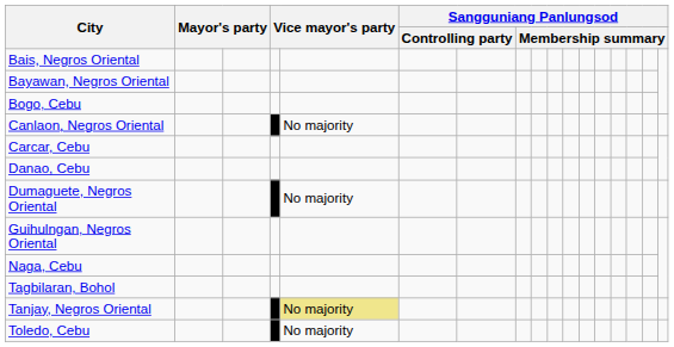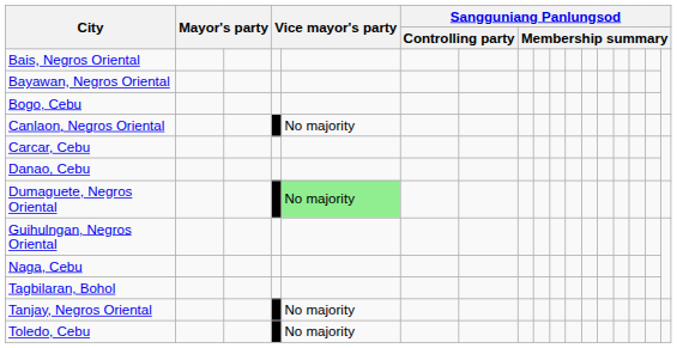 <table class="wikitable" style="font-size:95%;">
 <tr>
 <th width="180px" rowspan="2">City</th>
 <th colspan="2" rowspan="2">Mayor's party</th>
 <th colspan="2" rowspan="2">Vice mayor's party</th>
 <th colspan="14"><a href='#'>Sangguniang Panlungsod</a></th>
 </tr>
 <tr>
 <th colspan="2">Controlling party</th>
 <th colspan="12">Membership summary</th>
 </tr>
 <tr>
 <td><a href='#'>Bais, Negros Oriental</a></td>
 <td></td>
 <td></td>
 <td></td>
 <td> </td>
 <td> </td>
 <td> </td>
 <td> </td>
 <td> </td>
 <td> </td>
 <td> </td>
 <td> </td>
 <td> </td>
 <td> </td>
 <td> </td>
 <td> </td>
 </tr>
 <tr>
 <td><a href='#'>Bayawan, Negros Oriental</a></td>
 <td></td>
 <td></td>
 <td></td>
 <td style="color:inherit;background:"></td>
 <td style="color:inherit;background:"></td>
 <td style="color:inherit;background:"></td>
 <td style="color:inherit;background:"></td>
 <td style="color:inherit;background:"></td>
 <td style="color:inherit;background:"></td>
 <td style="color:inherit;background:"></td>
 <td style="color:inherit;background:"></td>
 <td style="color:inherit;background:"></td>
 <td style="color:inherit;background:"></td>
 <td style="color:inherit;background:"></td>
 <td style="color:inherit;background:"></td>
 </tr>
 <tr>
 <td><a href='#'>Bogo, Cebu</a></td>
 <td></td>
 <td></td>
 <td></td>
 <td style="color:inherit;background:"></td>
 <td style="color:inherit;background:"></td>
 <td style="color:inherit;background:"></td>
 <td style="color:inherit;background:"></td>
 <td style="color:inherit;background:"></td>
 <td style="color:inherit;background:"></td>
 <td style="color:inherit;background:"></td>
 <td style="color:inherit;background:"></td>
 <td style="color:inherit;background:"></td>
 <td style="color:inherit;background:"></td>
 <td style="color:inherit;background:"></td>
 <td style="color:inherit;background:"></td>
 </tr>
 <tr>
 <td><a href='#'>Canlaon, Negros Oriental</a></td>
 <td></td>
 <td></td>
 <td bgcolor="black"></td>
 <td>No majority</td>
 <td style="color:inherit;background:"></td>
 <td style="color:inherit;background:"></td>
 <td style="color:inherit;background:"></td>
 <td style="color:inherit;background:"></td>
 <td style="color:inherit;background:"></td>
 <td style="color:inherit;background:"></td>
 <td style="color:inherit;background:"></td>
 <td style="color:inherit;background:"></td>
 <td style="color:inherit;background:"></td>
 <td style="color:inherit;background:"></td>
 <td style="color:inherit;background:"></td>
 <td style="color:inherit;background:"></td>
 </tr>
 <tr>
 <td><a href='#'>Carcar, Cebu</a></td>
 <td></td>
 <td></td>
 <td></td>
 <td style="color:inherit;background:"></td>
 <td style="color:inherit;background:"></td>
 <td style="color:inherit;background:"></td>
 <td style="color:inherit;background:"></td>
 <td style="color:inherit;background:"></td>
 <td style="color:inherit;background:"></td>
 <td style="color:inherit;background:"></td>
 <td style="color:inherit;background:"></td>
 <td style="color:inherit;background:"></td>
 <td style="color:inherit;background:"></td>
 <td style="color:inherit;background:"></td>
 <td style="color:inherit;background:"></td>
 </tr>
 <tr>
 <td><a href='#'>Danao, Cebu</a></td>
 <td></td>
 <td></td>
 <td></td>
 <td style="color:inherit;background:"></td>
 <td style="color:inherit;background:"></td>
 <td style="color:inherit;background:"></td>
 <td style="color:inherit;background:"></td>
 <td style="color:inherit;background:"></td>
 <td style="color:inherit;background:"></td>
 <td style="color:inherit;background:"></td>
 <td style="color:inherit;background:"></td>
 <td style="color:inherit;background:"></td>
 <td style="color:inherit;background:"></td>
 <td style="color:inherit;background:"></td>
 <td style="color:inherit;background:"></td>
 </tr>
 <tr>
 <td><a href='#'>Dumaguete, Negros Oriental</a></td>
 <td></td>
 <td></td>
 <td bgcolor="black"></td>
-<td>No majority</td>
+<td style="background: lightgreen;">No majority</td>
 <td style="color:inherit;background:"></td>
 <td style="color:inherit;background:"></td>
 <td style="color:inherit;background:"></td>
 <td style="color:inherit;background:"></td>
 <td style="color:inherit;background:"></td>
 <td style="color:inherit;background:"></td>
 <td style="color:inherit;background:"></td>
 <td style="color:inherit;background:"></td>
 <td style="color:inherit;background:"></td>
 <td style="color:inherit;background:"></td>
 <td style="color:inherit;background:"></td>
 <td style="color:inherit;background:"></td>
 </tr>
 <tr>
 <td><a href='#'>Guihulngan, Negros Oriental</a></td>
 <td></td>
 <td></td>
 <td></td>
 <td style="color:inherit;background:"></td>
 <td style="color:inherit;background:"></td>
 <td style="color:inherit;background:"></td>
 <td style="color:inherit;background:"></td>
 <td style="color:inherit;background:"></td>
 <td style="color:inherit;background:"></td>
 <td style="color:inherit;background:"></td>
 <td style="color:inherit;background:"></td>
 <td style="color:inherit;background:"></td>
 <td style="color:inherit;background:"></td>
 <td style="color:inherit;background:"></td>
 <td style="color:inherit;background:"></td>
 </tr>
 <tr>
 <td><a href='#'>Naga, Cebu</a></td>
 <td></td>
 <td></td>
 <td></td>
 <td style="color:inherit;background:"></td>
 <td style="color:inherit;background:"></td>
 <td style="color:inherit;background:"></td>
 <td style="color:inherit;background:"></td>
 <td style="color:inherit;background:"></td>
 <td style="color:inherit;background:"></td>
 <td style="color:inherit;background:"></td>
 <td style="color:inherit;background:"></td>
 <td style="color:inherit;background:"></td>
 <td style="color:inherit;background:"></td>
 <td style="color:inherit;background:"></td>
 <td style="color:inherit;background:"></td>
 </tr>
 <tr>
 <td><a href='#'>Tagbilaran, Bohol</a></td>
 <td></td>
 <td></td>
 <td></td>
 <td style="color:inherit;background:"></td>
 <td style="color:inherit;background:"></td>
 <td style="color:inherit;background:"></td>
 <td style="color:inherit;background:"></td>
 <td style="color:inherit;background:"></td>
 <td style="color:inherit;background:"></td>
 <td style="color:inherit;background:"></td>
 <td style="color:inherit;background:"></td>
 <td style="color:inherit;background:"></td>
 <td style="color:inherit;background:"></td>
 <td style="color:inherit;background:"></td>
 <td style="color:inherit;background:"></td>
 </tr>
 <tr>
 <td><a href='#'>Tanjay, Negros Oriental</a></td>
 <td></td>
 <td></td>
 <td bgcolor="black"></td>
-<td style="background: khaki;">No majority</td>
+<td>No majority</td>
 <td style="color:inherit;background:"></td>
 <td style="color:inherit;background:"></td>
 <td style="color:inherit;background:"></td>
 <td style="color:inherit;background:"></td>
 <td style="color:inherit;background:"></td>
 <td style="color:inherit;background:"></td>
 <td style="color:inherit;background:"></td>
 <td style="color:inherit;background:"></td>
 <td style="color:inherit;background:"></td>
 <td style="color:inherit;background:"></td>
 <td style="color:inherit;background:"></td>
 <td style="color:inherit;background:"></td>
 </tr>
 <tr>
 <td><a href='#'>Toledo, Cebu</a></td>
 <td></td>
 <td></td>
 <td bgcolor="black"></td>
 <td>No majority</td>
 <td style="color:inherit;background:"></td>
 <td style="color:inherit;background:"></td>
 <td style="color:inherit;background:"></td>
 <td style="color:inherit;background:"></td>
 <td style="color:inherit;background:"></td>
 <td style="color:inherit;background:"></td>
 <td style="color:inherit;background:"></td>
 <td style="color:inherit;background:"></td>
 <td style="color:inherit;background:"></td>
 <td style="color:inherit;background:"></td>
 <td style="color:inherit;background:"></td>
 <td style="color:inherit;background:"></td>
 </tr>
 </table>
